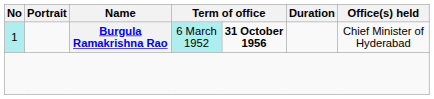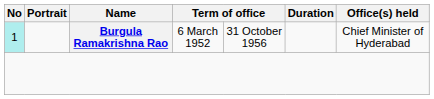 <table class="wikitable">
 <tr>
 <th>No</th>
 <th>Portrait</th>
 <th>Name</th>
 <th colspan=2>Term of office</th>
 <th scope=col>Duration</th>
 <th>Office(s) held</th>
 </tr>
 <tr align=center>
 <td style="background: paleturquoise;">1</td>
 <td></td>
 <th><a href='#'>Burgula Ramakrishna Rao</a></th>
-<td style="background: paleturquoise;">6 March 1952</td>
-<td><strong>31 October 1956</strong></td>
+<td>6 March 1952</td>
+<td>31 October 1956</td>
 <td></td>
 <td>Chief Minister of Hyderabad</td>
 </tr>
 <tr align=center style="height: 60px;">
 </tr>
 </table>
